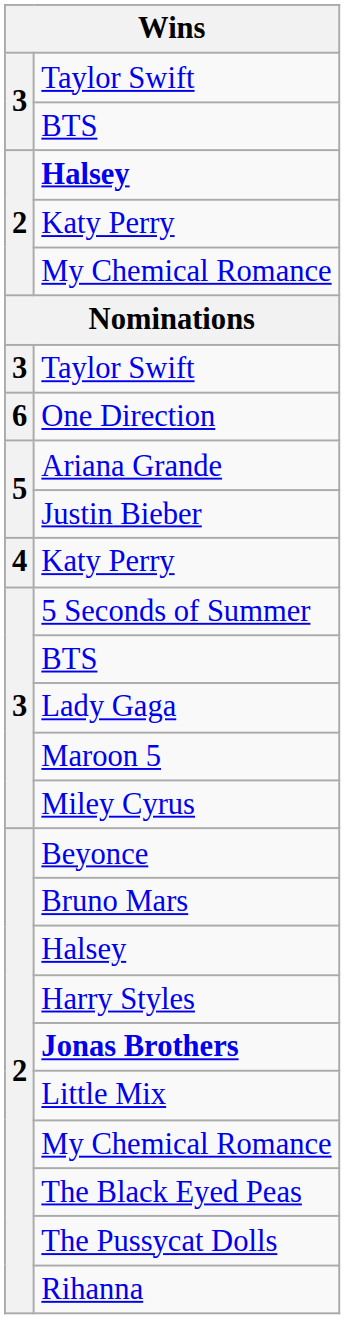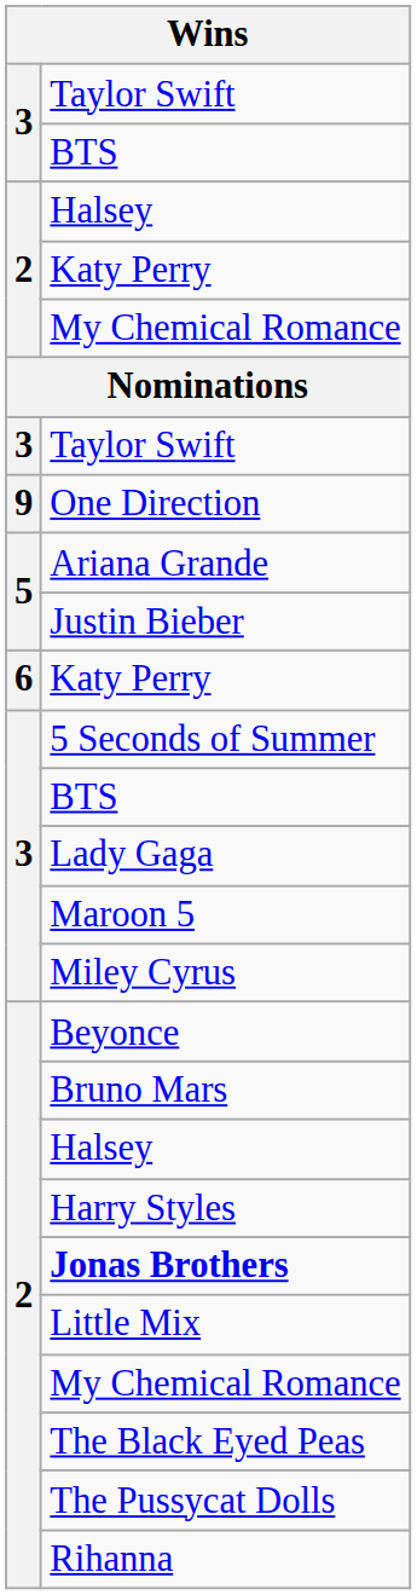 <table class="wikitable" border="1">
 <tr>
 <th colspan="2">Wins</th>
 </tr>
 <tr>
 <th rowspan="2">3</th>
 <td><a href='#'>Taylor Swift</a></td>
 </tr>
 <tr>
 <td><a href='#'>BTS</a></td>
 </tr>
 <tr>
 <th rowspan="3">2</th>
-<td><strong><a href='#'>Halsey</a></strong></td>
+<td><a href='#'>Halsey</a></td>
 </tr>
 <tr>
 <td><a href='#'>Katy Perry</a></td>
 </tr>
 <tr>
 <td><a href='#'>My Chemical Romance</a></td>
 </tr>
 <tr>
 <th colspan="2">Nominations</th>
 </tr>
 <tr>
 <th>3</th>
 <td><a href='#'>Taylor Swift</a></td>
 </tr>
 <tr>
-<th>6</th>
+<th>9</th>
 <td><a href='#'>One Direction</a></td>
 </tr>
 <tr>
 <th rowspan="2">5</th>
 <td><a href='#'>Ariana Grande</a></td>
 </tr>
 <tr>
 <td><a href='#'>Justin Bieber</a></td>
 </tr>
 <tr>
-<th>4</th>
+<th>6</th>
 <td><a href='#'>Katy Perry</a></td>
 </tr>
 <tr>
 <th rowspan="5">3</th>
 <td><a href='#'>5 Seconds of Summer</a></td>
 </tr>
 <tr>
 <td><a href='#'>BTS</a></td>
 </tr>
 <tr>
 <td><a href='#'>Lady Gaga</a></td>
 </tr>
 <tr>
 <td><a href='#'>Maroon 5</a></td>
 </tr>
 <tr>
 <td><a href='#'>Miley Cyrus</a></td>
 </tr>
 <tr>
 <th rowspan="10">2</th>
 <td><a href='#'>Beyonce</a></td>
 </tr>
 <tr>
 <td><a href='#'>Bruno Mars</a></td>
 </tr>
 <tr>
 <td><a href='#'>Halsey</a></td>
 </tr>
 <tr>
 <td><a href='#'>Harry Styles</a></td>
 </tr>
 <tr>
 <td><strong><a href='#'>Jonas Brothers</a></strong></td>
 </tr>
 <tr>
 <td><a href='#'>Little Mix</a></td>
 </tr>
 <tr>
 <td><a href='#'>My Chemical Romance</a></td>
 </tr>
 <tr>
 <td><a href='#'>The Black Eyed Peas</a></td>
 </tr>
 <tr>
 <td><a href='#'>The Pussycat Dolls</a></td>
 </tr>
 <tr>
 <td><a href='#'>Rihanna</a></td>
 </tr>
 </table>
